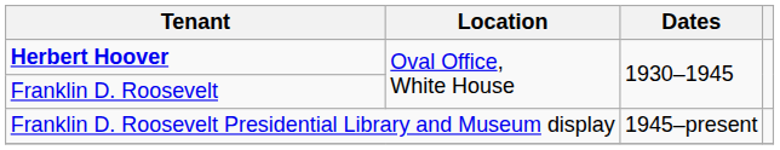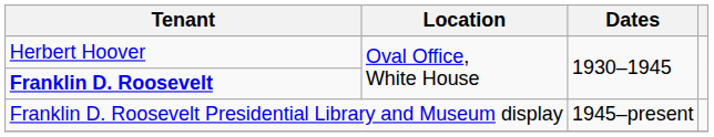 <table class="wikitable">
 <tr>
 <th scope=col>Tenant</th>
 <th scope=col>Location</th>
 <th scope=col>Dates</th>
 <th scope=col class=unsortable></th>
 </tr>
 <tr>
-<td><strong><a href='#'>Herbert Hoover</a></strong></td>
+<td><a href='#'>Herbert Hoover</a></td>
 <td rowspan="2"><a href='#'>Oval Office</a>,<br> White House</td>
 <td rowspan="2">1930–1945</td>
 <td rowspan="2"></td>
 </tr>
 <tr>
-<td><a href='#'>Franklin D. Roosevelt</a></td>
+<td><strong><a href='#'>Franklin D. Roosevelt</a></strong></td>
 </tr>
 <tr>
 <td colspan="2"><a href='#'>Franklin D. Roosevelt Presidential Library and Museum</a> display</td>
 <td>1945–present</td>
 <td></td>
 </tr>
 <tr>
 </tr>
 </table>
